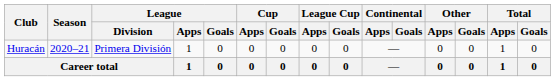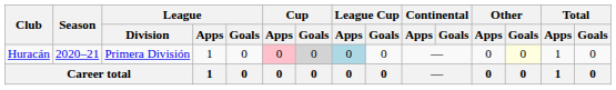 <table class="wikitable" style="text-align:center">
 <tr>
 <th rowspan="2">Club</th>
 <th rowspan="2">Season</th>
 <th colspan="3">League</th>
 <th colspan="2">Cup</th>
 <th colspan="2">League Cup</th>
 <th colspan="2">Continental</th>
 <th colspan="2">Other</th>
 <th colspan="2">Total</th>
 </tr>
 <tr>
 <th>Division</th>
 <th>Apps</th>
 <th>Goals</th>
 <th>Apps</th>
 <th>Goals</th>
 <th>Apps</th>
 <th>Goals</th>
 <th>Apps</th>
 <th>Goals</th>
 <th>Apps</th>
 <th>Goals</th>
 <th>Apps</th>
 <th>Goals</th>
 </tr>
 <tr>
 <td rowspan="1"><a href='#'>Huracán</a></td>
 <td><a href='#'>2020–21</a></td>
 <td rowspan="1"><a href='#'>Primera División</a></td>
 <td>1</td>
 <td>0</td>
-<td>0</td>
-<td>0</td>
-<td>0</td>
+<td style="background: pink;">0</td>
+<td style="background: lightgrey;">0</td>
+<td style="background: lightblue;">0</td>
 <td>0</td>
 <td colspan="2">—</td>
 <td>0</td>
-<td>0</td>
+<td style="background: lightyellow;">0</td>
 <td>1</td>
 <td>0</td>
 </tr>
 <tr>
 <th colspan="3">Career total</th>
 <th>1</th>
 <th>0</th>
 <th>0</th>
 <th>0</th>
 <th>0</th>
 <th>0</th>
 <th colspan="2">—</th>
 <th>0</th>
 <th>0</th>
 <th>1</th>
 <th>0</th>
 </tr>
 </table>
